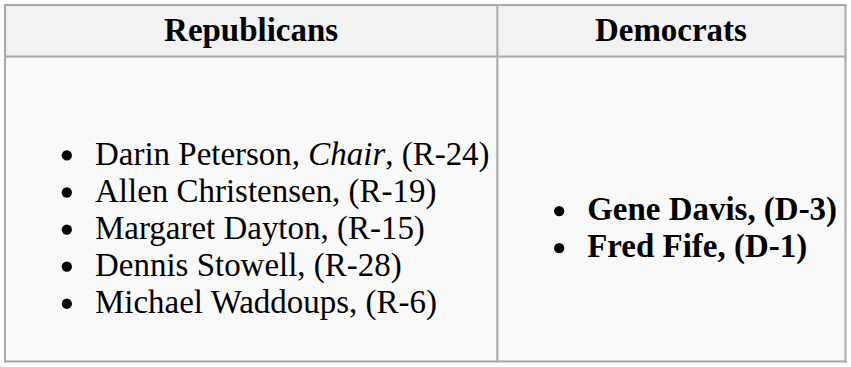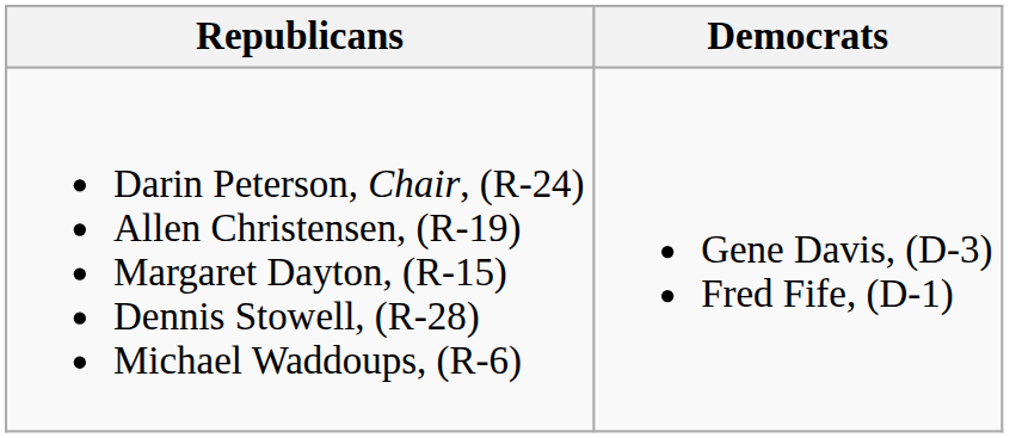 <table class=wikitable>
 <tr>
 <th>Republicans</th>
 <th>Democrats</th>
 </tr>
 <tr>
 <td><br><ul><li>Darin Peterson, <em>Chair</em>, (R-24)</li><li>Allen Christensen, (R-19)</li><li>Margaret Dayton, (R-15)</li><li>Dennis Stowell, (R-28)</li><li>Michael Waddoups, (R-6)</li></ul></td>
-<td><strong><br><ul><li>Gene Davis, (D-3)</li><li>Fred Fife, (D-1)</li></ul></strong></td>
+<td><br><ul><li>Gene Davis, (D-3)</li><li>Fred Fife, (D-1)</li></ul></td>
 </tr>
 </table>
